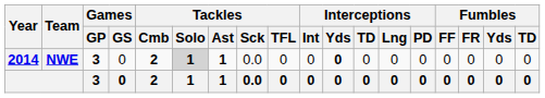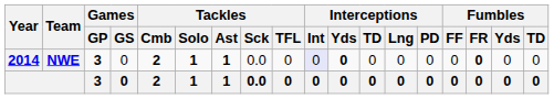 <table class="wikitable" style="text-align:center">
 <tr>
 <th rowspan="2">Year</th>
 <th rowspan="2">Team</th>
 <th colspan="2">Games</th>
 <th colspan="5">Tackles</th>
 <th colspan="5">Interceptions</th>
 <th colspan="4">Fumbles</th>
 </tr>
 <tr>
 <th>GP</th>
 <th>GS</th>
 <th>Cmb</th>
 <th>Solo</th>
 <th>Ast</th>
 <th>Sck</th>
 <th>TFL</th>
 <th>Int</th>
 <th>Yds</th>
 <th>TD</th>
 <th>Lng</th>
 <th>PD</th>
 <th>FF</th>
 <th>FR</th>
 <th>Yds</th>
 <th>TD</th>
 </tr>
 <tr>
 <th><a href='#'>2014</a></th>
 <th><a href='#'>NWE</a></th>
 <td><strong>3</strong></td>
 <td>0</td>
 <td><strong>2</strong></td>
-<td style="background: lightgrey;"><strong>1</strong></td>
+<td><strong>1</strong></td>
 <td><strong>1</strong></td>
 <td>0.0</td>
 <td>0</td>
-<td>0</td>
+<td style="background: lavender;">0</td>
 <td><strong>0</strong></td>
 <td>0</td>
 <td>0</td>
 <td>0</td>
 <td>0</td>
-<td>0</td>
+<td><strong>0</strong></td>
 <td>0</td>
 <td>0</td>
 </tr>
 <tr>
 <th colspan="2"></th>
 <th>3</th>
 <th>0</th>
 <th>2</th>
 <th>1</th>
 <th>1</th>
 <th>0.0</th>
 <th>0</th>
 <th>0</th>
 <th>0</th>
 <th>0</th>
 <th>0</th>
 <th>0</th>
 <th>0</th>
 <th>0</th>
 <th>0</th>
 <th>0</th>
 </tr>
 </table>
